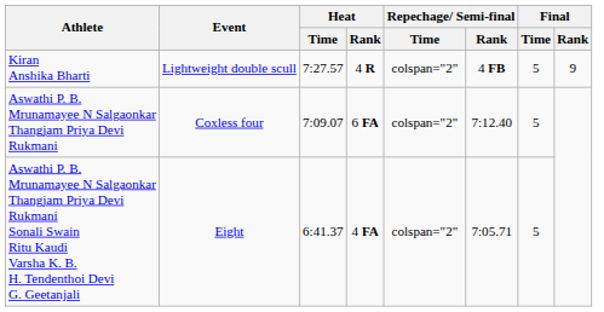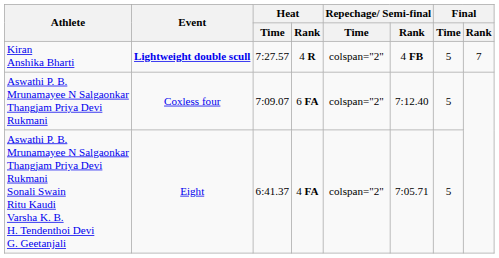 <table class=wikitable style="text-align:center; font-size:90%">
 <tr>
 <th rowspan="2">Athlete</th>
 <th rowspan="2">Event</th>
 <th colspan="2">Heat</th>
 <th colspan="2">Repechage/ Semi-final</th>
 <th colspan="2">Final</th>
 </tr>
 <tr>
 <th>Time</th>
 <th>Rank</th>
 <th>Time</th>
 <th>Rank</th>
 <th>Time</th>
 <th>Rank</th>
 </tr>
 <tr>
 <td align=left><a href='#'>Kiran</a><br><a href='#'>Anshika Bharti</a></td>
-<td><a href='#'>Lightweight double scull</a></td>
+<td><strong><a href='#'>Lightweight double scull</a></strong></td>
 <td>7:27.57</td>
 <td>4 <strong>R</strong></td>
 <td>colspan="2" </td>
 <td>4 <strong>FB</strong></td>
 <td>5</td>
-<td>9</td>
+<td>7</td>
 </tr>
 <tr>
 <td align=left><a href='#'>Aswathi P. B.</a><br><a href='#'>Mrunamayee N Salgaonkar</a><br><a href='#'>Thangjam Priya Devi</a><br><a href='#'>Rukmani</a></td>
 <td><a href='#'>Coxless four</a></td>
 <td>7:09.07</td>
 <td>6 <strong>FA</strong></td>
 <td>colspan="2" </td>
 <td>7:12.40</td>
 <td>5</td>
 </tr>
 <tr>
 <td align=left><a href='#'>Aswathi P. B.</a><br><a href='#'>Mrunamayee N Salgaonkar</a><br><a href='#'>Thangjam Priya Devi</a><br><a href='#'>Rukmani</a><br><a href='#'>Sonali Swain</a><br><a href='#'>Ritu Kaudi</a><br><a href='#'>Varsha K. B.</a><br><a href='#'>H. Tendenthoi Devi</a><br><a href='#'>G. Geetanjali</a></td>
 <td><a href='#'>Eight</a></td>
 <td>6:41.37</td>
 <td>4 <strong>FA</strong></td>
 <td>colspan="2" </td>
 <td>7:05.71</td>
 <td>5</td>
 </tr>
 </table>
